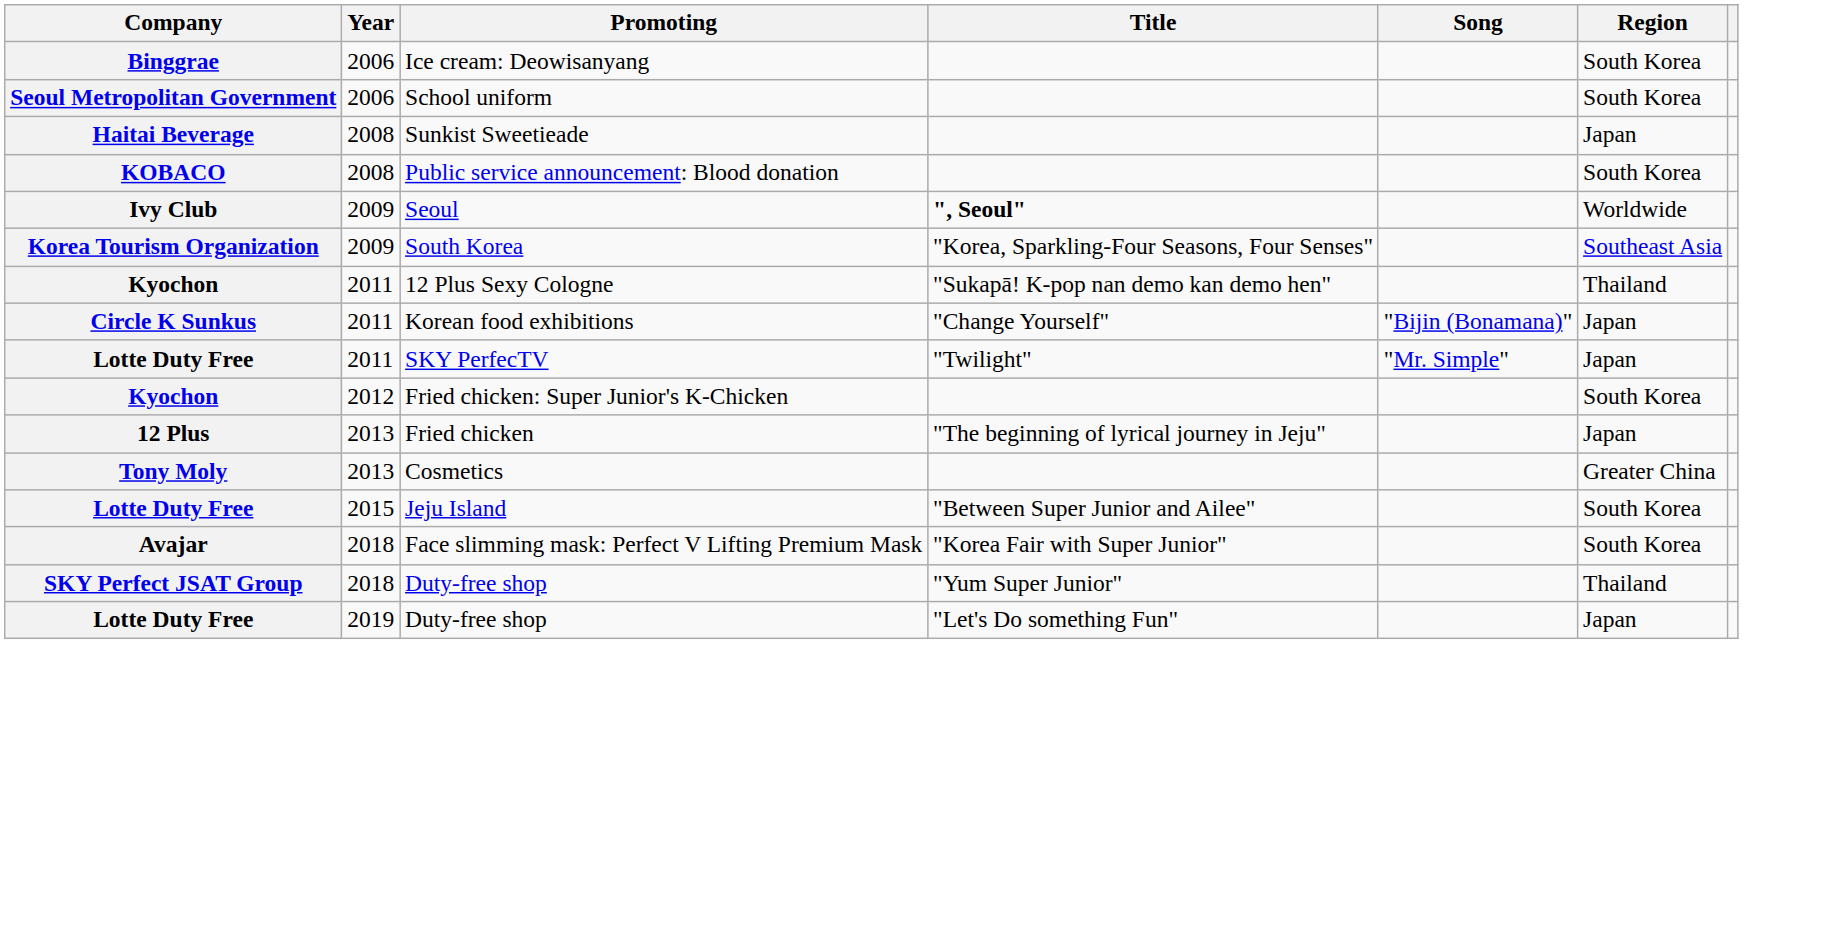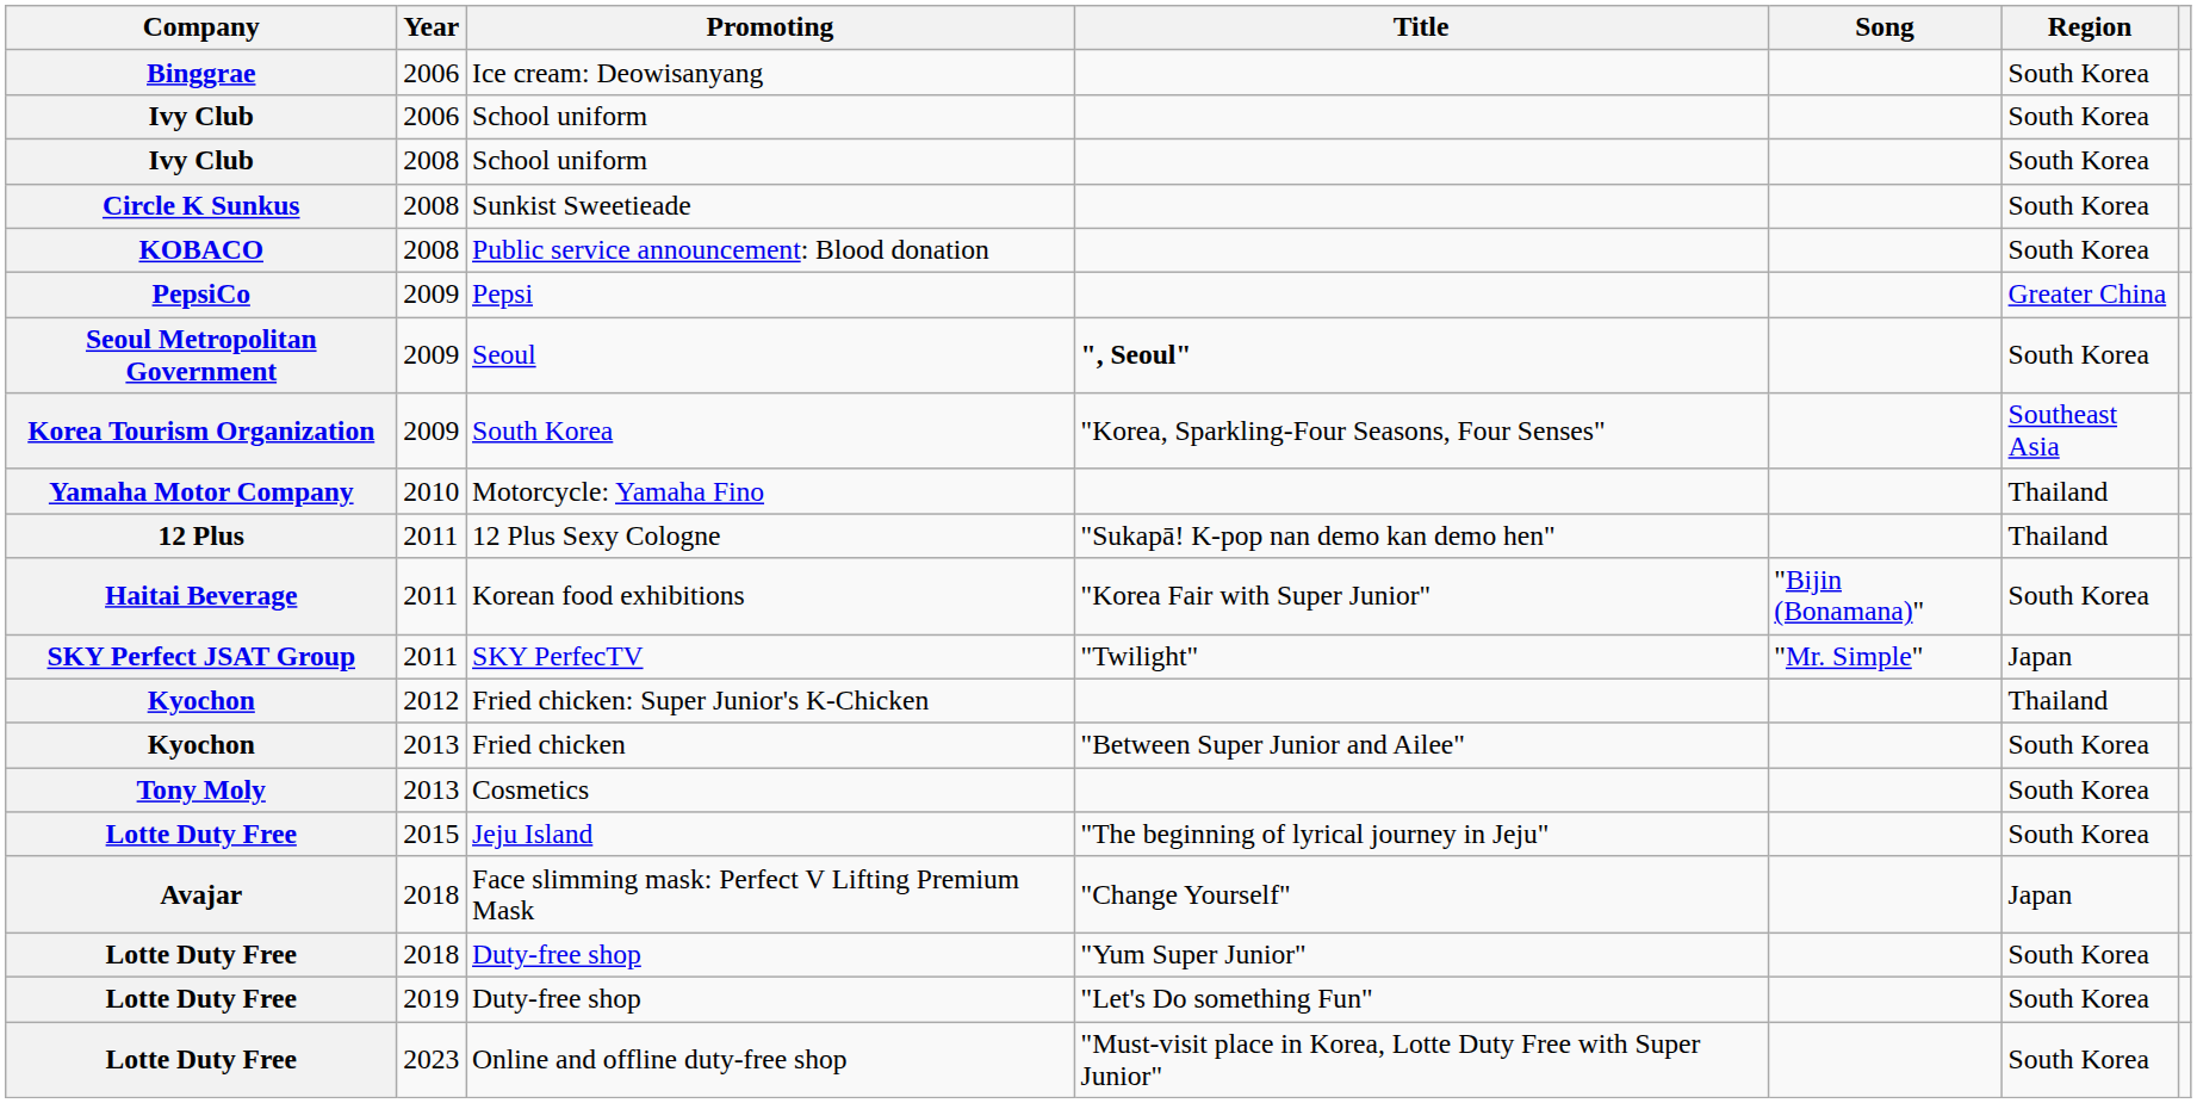 <table class="wikitable sortable plainrowheaders";>
 <tr>
 <th scope="col">Company</th>
 <th scope="col">Year</th>
 <th scope="col">Promoting</th>
 <th scope="col">Title</th>
 <th scope="col">Song</th>
 <th scope="col">Region</th>
 <th scope="col" class="unsortable"></th>
 </tr>
 <tr>
 <th scope="row"><a href='#'>Binggrae</a></th>
 <td>2006</td>
 <td>Ice cream: Deowisanyang</td>
 <td></td>
 <td></td>
 <td>South Korea</td>
 <td></td>
 </tr>
 <tr>
-<th scope="row"><a href='#'>Seoul Metropolitan Government</a></th>
+<th scope="row">Ivy Club</th>
 <td>2006</td>
 <td>School uniform</td>
 <td></td>
 <td></td>
 <td>South Korea</td>
 <td></td>
 </tr>
 <tr>
-<th scope="row"><a href='#'>Haitai Beverage</a></th>
+<th scope="row">Ivy Club</th>
+<td>2008</td>
+<td>School uniform</td>
+<td></td>
+<td></td>
+<td>South Korea</td>
+<td></td>
+</tr>
+<tr>
+<th scope="row"><a href='#'>Circle K Sunkus</a></th>
 <td>2008</td>
 <td>Sunkist Sweetieade</td>
 <td></td>
 <td></td>
-<td>Japan</td>
+<td>South Korea</td>
 <td></td>
 </tr>
 <tr>
 <th scope="row"><a href='#'>KOBACO</a></th>
 <td>2008</td>
 <td><a href='#'>Public service announcement</a>: Blood donation</td>
 <td></td>
 <td></td>
 <td>South Korea</td>
 <td></td>
 </tr>
 <tr>
-<th scope="row">Ivy Club</th>
+<th scope="row"><a href='#'>PepsiCo</a></th>
+<td>2009</td>
+<td><a href='#'>Pepsi</a></td>
+<td></td>
+<td></td>
+<td><a href='#'>Greater China</a></td>
+<td></td>
+</tr>
+<tr>
+<th scope="row"><a href='#'>Seoul Metropolitan Government</a></th>
 <td>2009</td>
 <td><a href='#'>Seoul</a></td>
 <td><strong>", Seoul"</strong></td>
 <td></td>
-<td>Worldwide</td>
+<td>South Korea</td>
 <td></td>
 </tr>
 <tr>
 <th scope="row"><a href='#'>Korea Tourism Organization</a></th>
 <td>2009</td>
 <td><a href='#'>South Korea</a></td>
 <td>"Korea, Sparkling-Four Seasons, Four Senses"</td>
 <td></td>
 <td><a href='#'>Southeast Asia</a></td>
 <td></td>
 </tr>
 <tr>
-<th scope="row">Kyochon</th>
+<th scope="row"><a href='#'>Yamaha Motor Company</a></th>
+<td>2010</td>
+<td>Motorcycle: <a href='#'>Yamaha Fino</a></td>
+<td></td>
+<td></td>
+<td>Thailand</td>
+<td></td>
+</tr>
+<tr>
+<th scope="row">12 Plus</th>
 <td>2011</td>
 <td>12 Plus Sexy Cologne</td>
 <td>"Sukapā! K-pop nan demo kan demo hen"</td>
 <td></td>
 <td>Thailand</td>
 <td></td>
 </tr>
 <tr>
-<th scope="row"><a href='#'>Circle K Sunkus</a></th>
+<th scope="row"><a href='#'>Haitai Beverage</a></th>
 <td>2011</td>
 <td>Korean food exhibitions</td>
-<td>"Change Yourself"</td>
+<td>"Korea Fair with Super Junior"</td>
 <td>"<a href='#'>Bijin (Bonamana)</a>"</td>
-<td>Japan</td>
+<td>South Korea</td>
 <td></td>
 </tr>
 <tr>
-<th scope="row">Lotte Duty Free</th>
+<th scope="row"><a href='#'>SKY Perfect JSAT Group</a></th>
 <td>2011</td>
 <td><a href='#'>SKY PerfecTV</a></td>
 <td>"Twilight"</td>
 <td>"<a href='#'>Mr. Simple</a>"</td>
 <td>Japan</td>
 <td></td>
 </tr>
 <tr>
 <th scope="row"><a href='#'>Kyochon</a></th>
 <td>2012</td>
 <td>Fried chicken: Super Junior's K-Chicken</td>
 <td></td>
 <td></td>
-<td>South Korea</td>
+<td>Thailand</td>
 <td></td>
 </tr>
 <tr>
-<th scope="row">12 Plus</th>
+<th scope="row">Kyochon</th>
 <td>2013</td>
 <td>Fried chicken</td>
-<td>"The beginning of lyrical journey in Jeju"</td>
+<td>"Between Super Junior and Ailee"</td>
 <td></td>
-<td>Japan</td>
+<td>South Korea</td>
 <td></td>
 </tr>
 <tr>
 <th scope="row"><a href='#'>Tony Moly</a></th>
 <td>2013</td>
 <td>Cosmetics</td>
 <td></td>
 <td></td>
-<td>Greater China</td>
+<td>South Korea</td>
 <td></td>
 </tr>
 <tr>
 <th scope="row"><a href='#'>Lotte Duty Free</a></th>
 <td>2015</td>
 <td><a href='#'>Jeju Island</a></td>
-<td>"Between Super Junior and Ailee"</td>
+<td>"The beginning of lyrical journey in Jeju"</td>
 <td></td>
 <td>South Korea</td>
 <td></td>
 </tr>
 <tr>
 <th scope="row">Avajar</th>
 <td>2018</td>
 <td>Face slimming mask: Perfect V Lifting Premium Mask</td>
-<td>"Korea Fair with Super Junior"</td>
+<td>"Change Yourself"</td>
 <td></td>
-<td>South Korea</td>
+<td>Japan</td>
 <td></td>
 </tr>
 <tr>
-<th scope="row"><a href='#'>SKY Perfect JSAT Group</a></th>
+<th scope="row">Lotte Duty Free</th>
 <td>2018</td>
 <td><a href='#'>Duty-free shop</a></td>
 <td>"Yum Super Junior"</td>
 <td></td>
-<td>Thailand</td>
+<td>South Korea</td>
 <td></td>
 </tr>
 <tr>
 <th scope="row">Lotte Duty Free</th>
 <td>2019</td>
 <td>Duty-free shop</td>
 <td>"Let's Do something Fun"</td>
 <td></td>
-<td>Japan</td>
+<td>South Korea</td>
+<td></td>
+</tr>
+<tr>
+<th scope="row">Lotte Duty Free</th>
+<td>2023</td>
+<td>Online and offline duty-free shop</td>
+<td>"Must-visit place in Korea, Lotte Duty Free with Super Junior"</td>
+<td></td>
+<td>South Korea</td>
 <td></td>
 </tr>
 </table>
